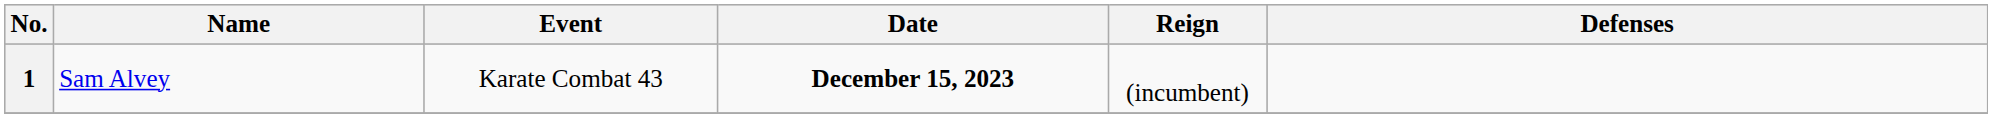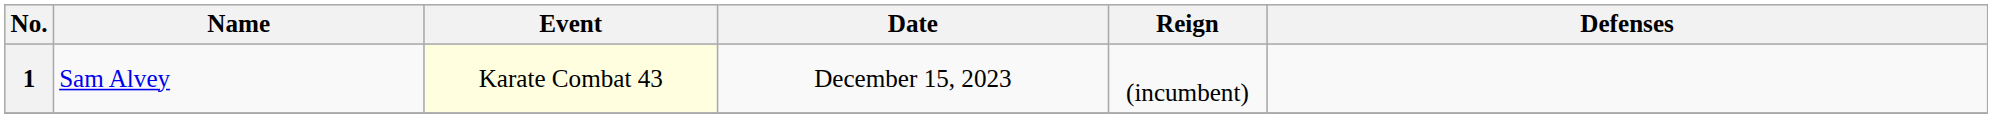 <table class="wikitable" width=100%>
 <tr>
 <th width=1%>No.</th>
 <th width=19%>Name</th>
 <th width=15%>Event</th>
 <th width=20%>Date</th>
 <th width=8%>Reign</th>
 <th width=45%>Defenses</th>
 </tr>
 <tr>
 <th>1</th>
 <td align=left> <a href='#'>Sam Alvey</a> <br></td>
-<td align=center>Karate Combat 43<br></td>
-<td align=center><strong>December 15, 2023</strong></td>
+<td align=center style="background: lightyellow;">Karate Combat 43<br></td>
+<td align=center>December 15, 2023</td>
 <td align=center><br>(incumbent)<br></td>
 <td><br><br> </td>
 </tr>
 <tr>
 </tr>
 </table>
